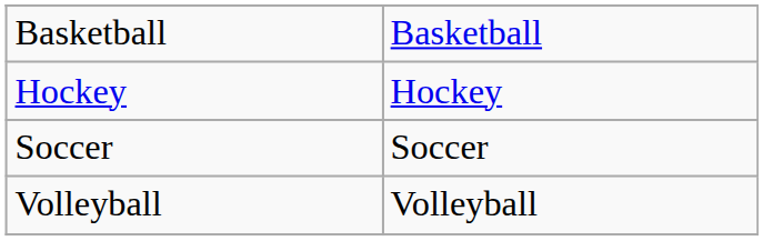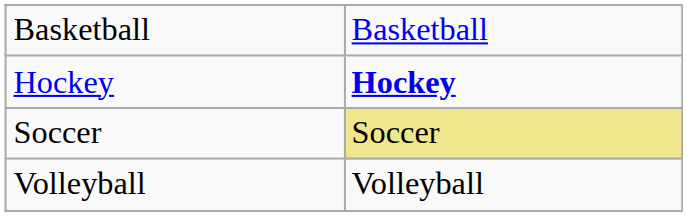 <table class="wikitable" style="float:right; clear:right; margin:0 0 1em 1em;">
 <tr>
 </tr>
 <tr>
 <td style=min-width:10em>Basketball</td>
 <td style=min-width:10em><a href='#'>Basketball</a></td>
 </tr>
 <tr>
 <td><a href='#'>Hockey</a></td>
-<td><a href='#'>Hockey</a></td>
+<td><strong><a href='#'>Hockey</a></strong></td>
 </tr>
 <tr>
 <td>Soccer</td>
-<td>Soccer</td>
+<td style="background: khaki;">Soccer</td>
 </tr>
 <tr>
 <td>Volleyball</td>
 <td>Volleyball</td>
 </tr>
 </table>
